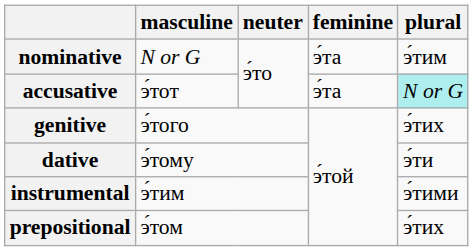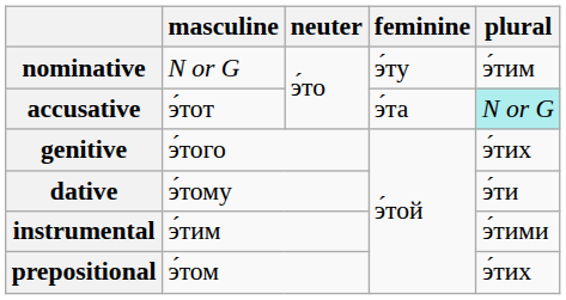 <table class="wikitable" style="display: inline-table;">
 <tr>
 <th></th>
 <th>masculine</th>
 <th>neuter</th>
 <th>feminine</th>
 <th>plural</th>
 </tr>
 <tr>
 <th>nominative</th>
 <td><em>N or G</em></td>
 <td rowspan="2">э́то</td>
-<td>э́та</td>
+<td>э́ту</td>
 <td>э́тим</td>
 </tr>
 <tr>
 <th>accusative</th>
 <td>э́тот</td>
 <td>э́та</td>
 <td style="background: paleturquoise;"><em>N or G</em></td>
 </tr>
 <tr>
 <th>genitive</th>
 <td colspan="2">э́того</td>
 <td rowspan="4">э́той</td>
 <td>э́тих</td>
 </tr>
 <tr>
 <th>dative</th>
 <td colspan="2">э́тому</td>
 <td>э́ти</td>
 </tr>
 <tr>
 <th>instrumental</th>
 <td colspan="2">э́тим</td>
 <td>э́тими</td>
 </tr>
 <tr>
 <th>prepositional</th>
 <td colspan="2">э́том</td>
 <td>э́тих</td>
 </tr>
 </table>
